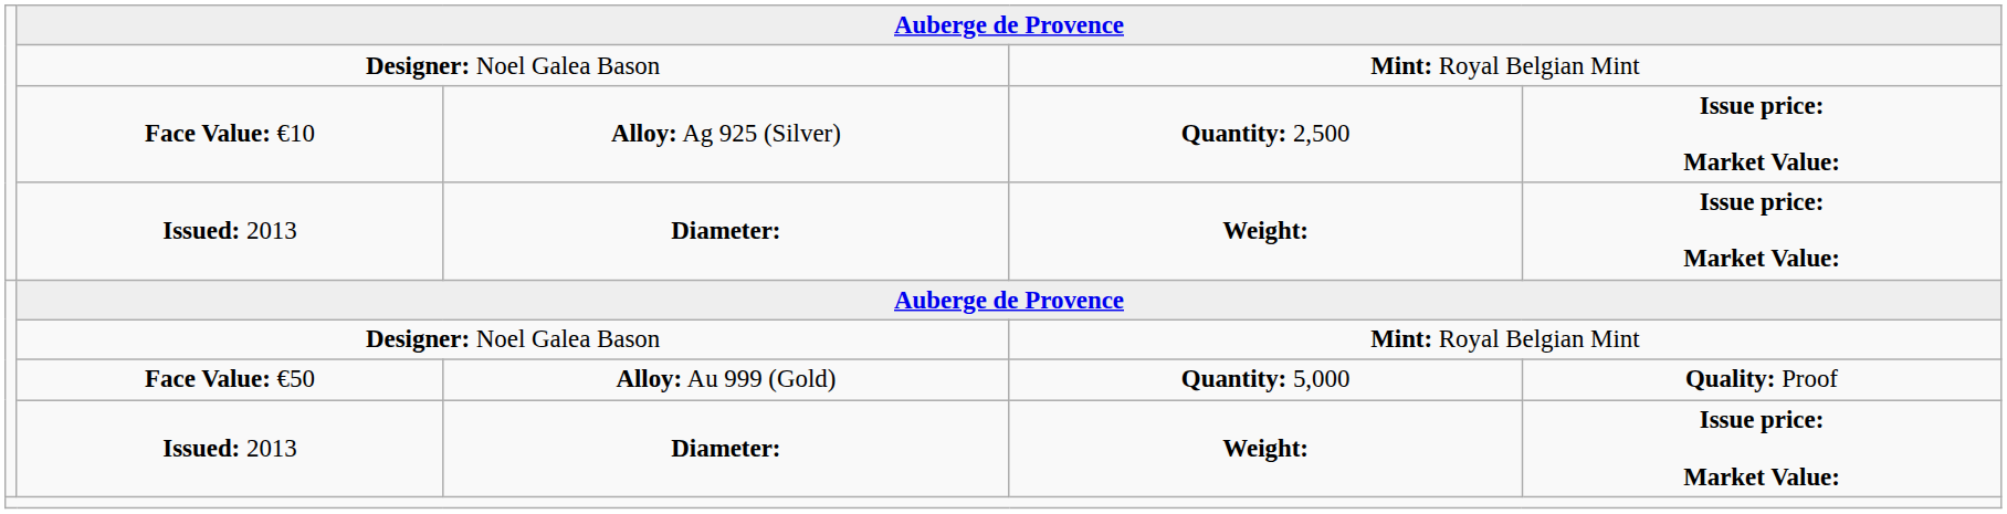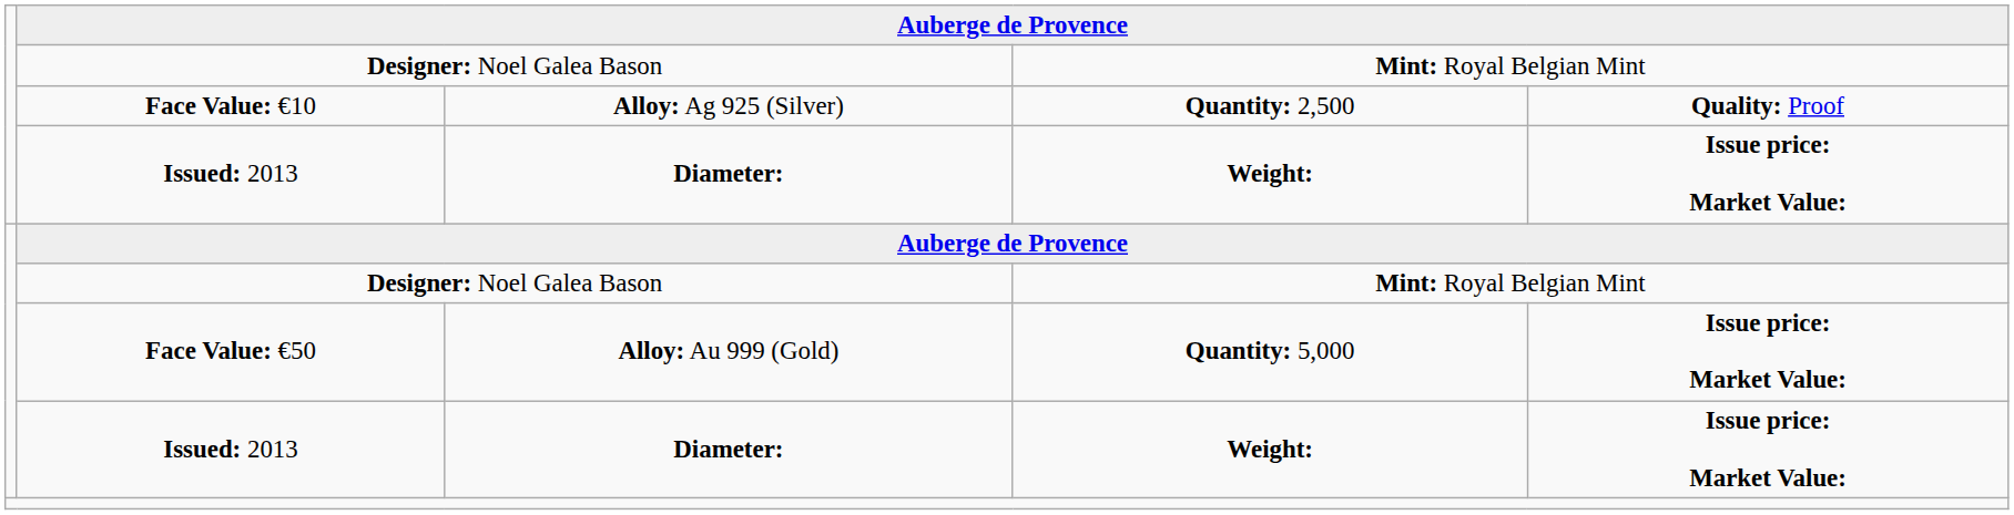 <table class="wikitable" width=100%>
 <tr>
 <td rowspan=4 width="330px" nowrap align=center></td>
 <th colspan="4" align=center style="background:#eeeeee;"><a href='#'>Auberge de Provence</a></th>
 </tr>
 <tr>
 <td colspan="2" width="50%" align=center><strong>Designer:</strong> Noel Galea Bason</td>
 <td colspan="2" width="50%" align=center><strong>Mint:</strong> Royal Belgian Mint</td>
 </tr>
 <tr>
 <td align=center><strong>Face Value:</strong> €10</td>
 <td align=center><strong>Alloy:</strong> Ag 925 (Silver)</td>
 <td align=center><strong>Quantity:</strong> 2,500</td>
-<td align=center><strong>Issue price:</strong><br><br> <strong>Market Value:</strong></td>
+<td align=center><strong>Quality:</strong> <a href='#'>Proof</a></td>
 </tr>
 <tr>
 <td align=center><strong>Issued:</strong> 2013</td>
 <td align=center><strong>Diameter:</strong> </td>
 <td align=center><strong>Weight:</strong> </td>
 <td align=center><strong>Issue price:</strong><br><br> <strong>Market Value:</strong></td>
 </tr>
 <tr>
 <td rowspan=4 width="330px" nowrap align=center></td>
 <th colspan="4" align=center style="background:#eeeeee;"><a href='#'>Auberge de Provence</a></th>
 </tr>
 <tr>
 <td colspan="2" width="50%" align=center><strong>Designer:</strong> Noel Galea Bason</td>
 <td colspan="2" width="50%" align=center><strong>Mint:</strong> Royal Belgian Mint</td>
 </tr>
 <tr>
 <td align=center><strong>Face Value:</strong> €50</td>
 <td align=center><strong>Alloy:</strong> Au 999 (Gold)</td>
 <td align=center><strong>Quantity:</strong> 5,000</td>
-<td align=center><strong>Quality:</strong> Proof</td>
+<td align=center><strong>Issue price:</strong><br><br> <strong>Market Value:</strong></td>
 </tr>
 <tr>
 <td align=center><strong>Issued:</strong> 2013</td>
 <td align=center><strong>Diameter:</strong> </td>
 <td align=center><strong>Weight:</strong> </td>
 <td align=center><strong>Issue price:</strong><br><br> <strong>Market Value:</strong></td>
 </tr>
 <tr>
 <td colspan="5" align=left></td>
 </tr>
 </table>
